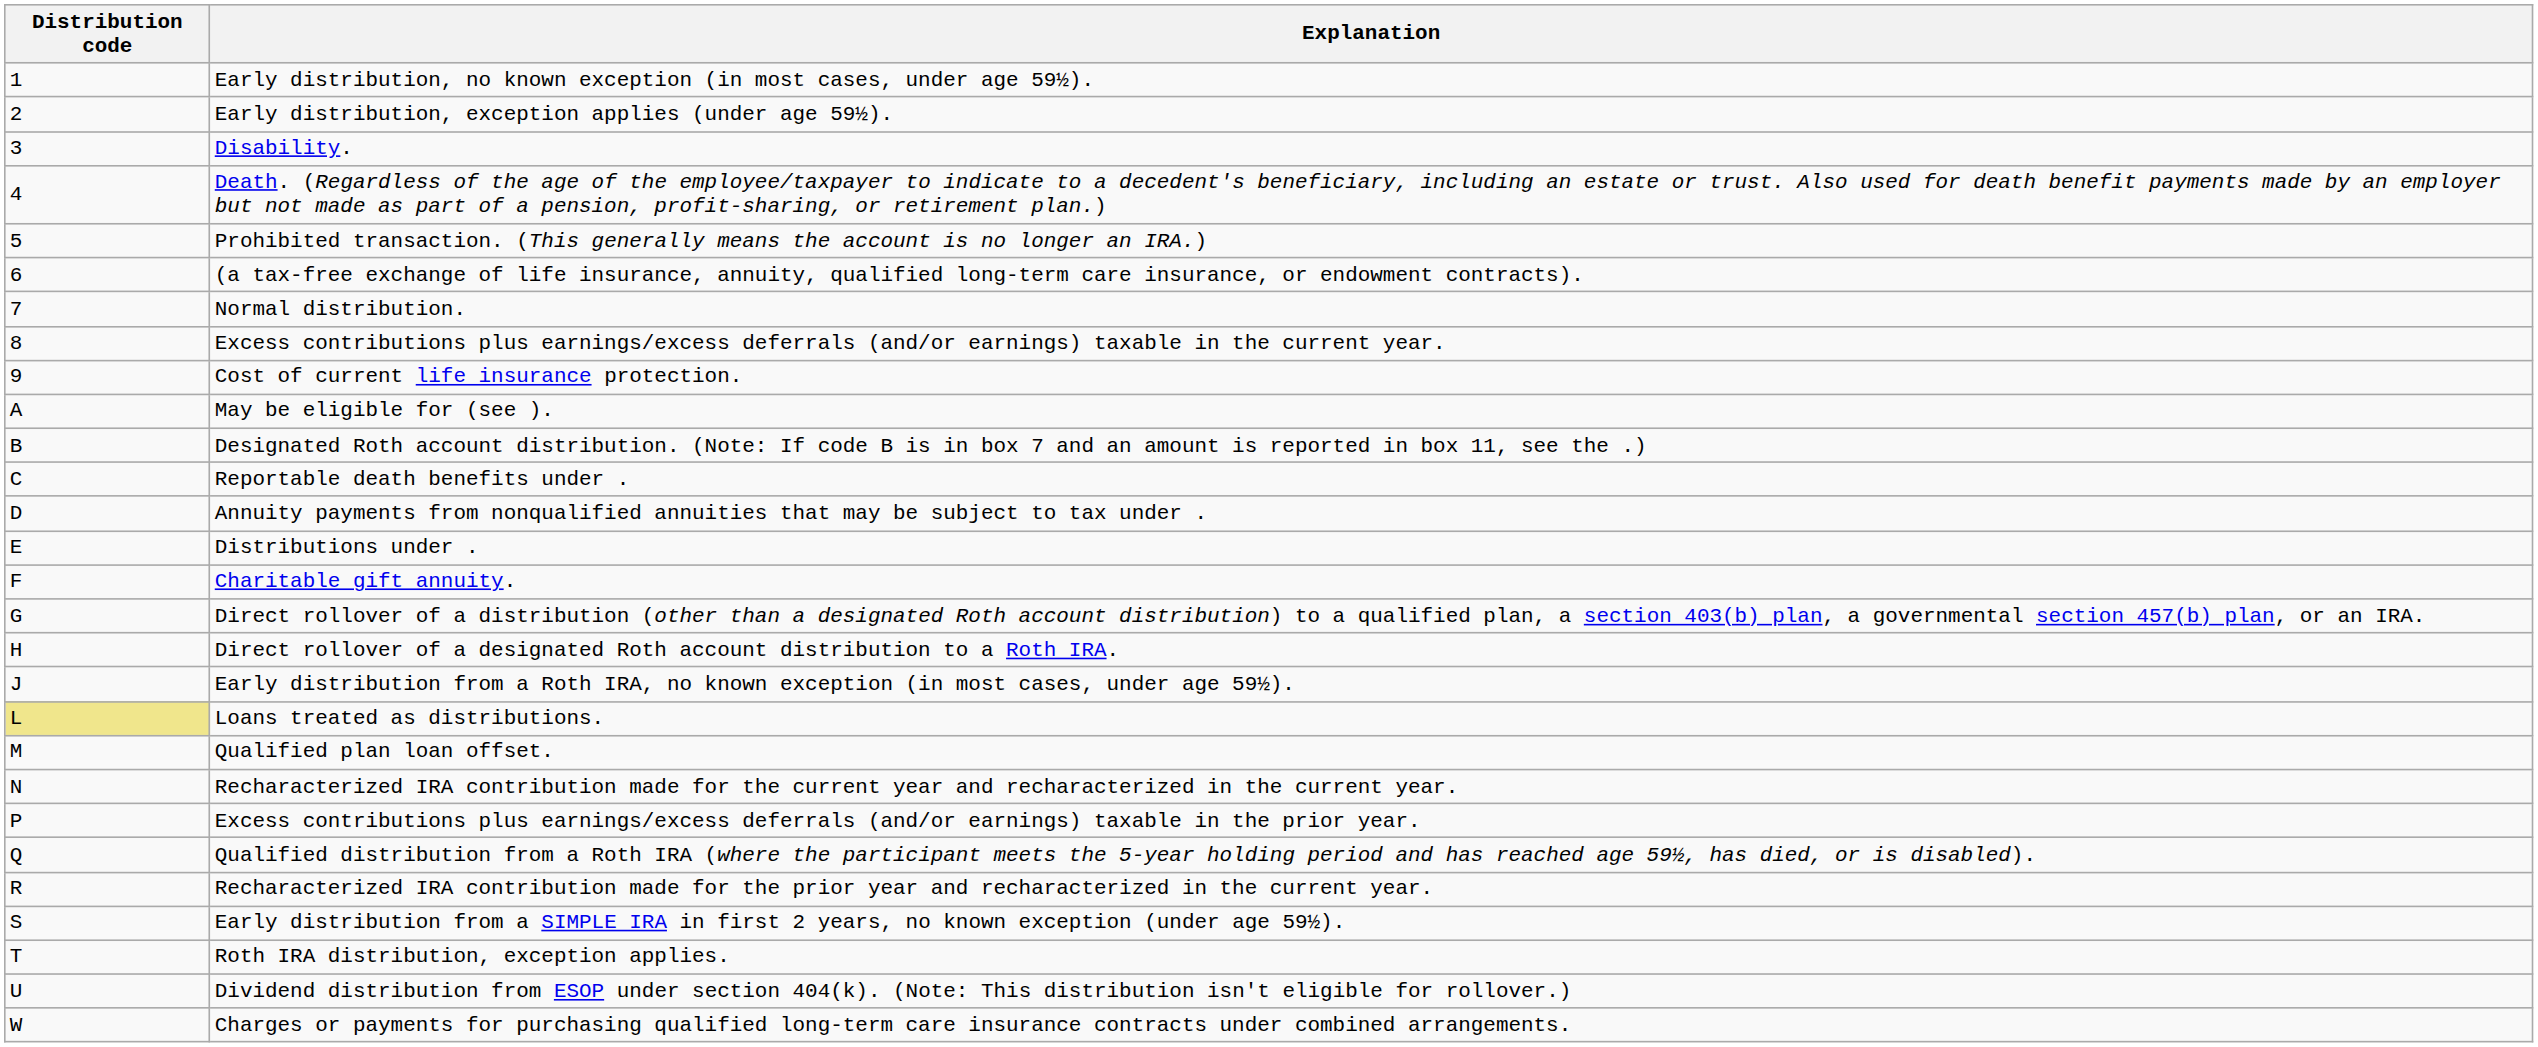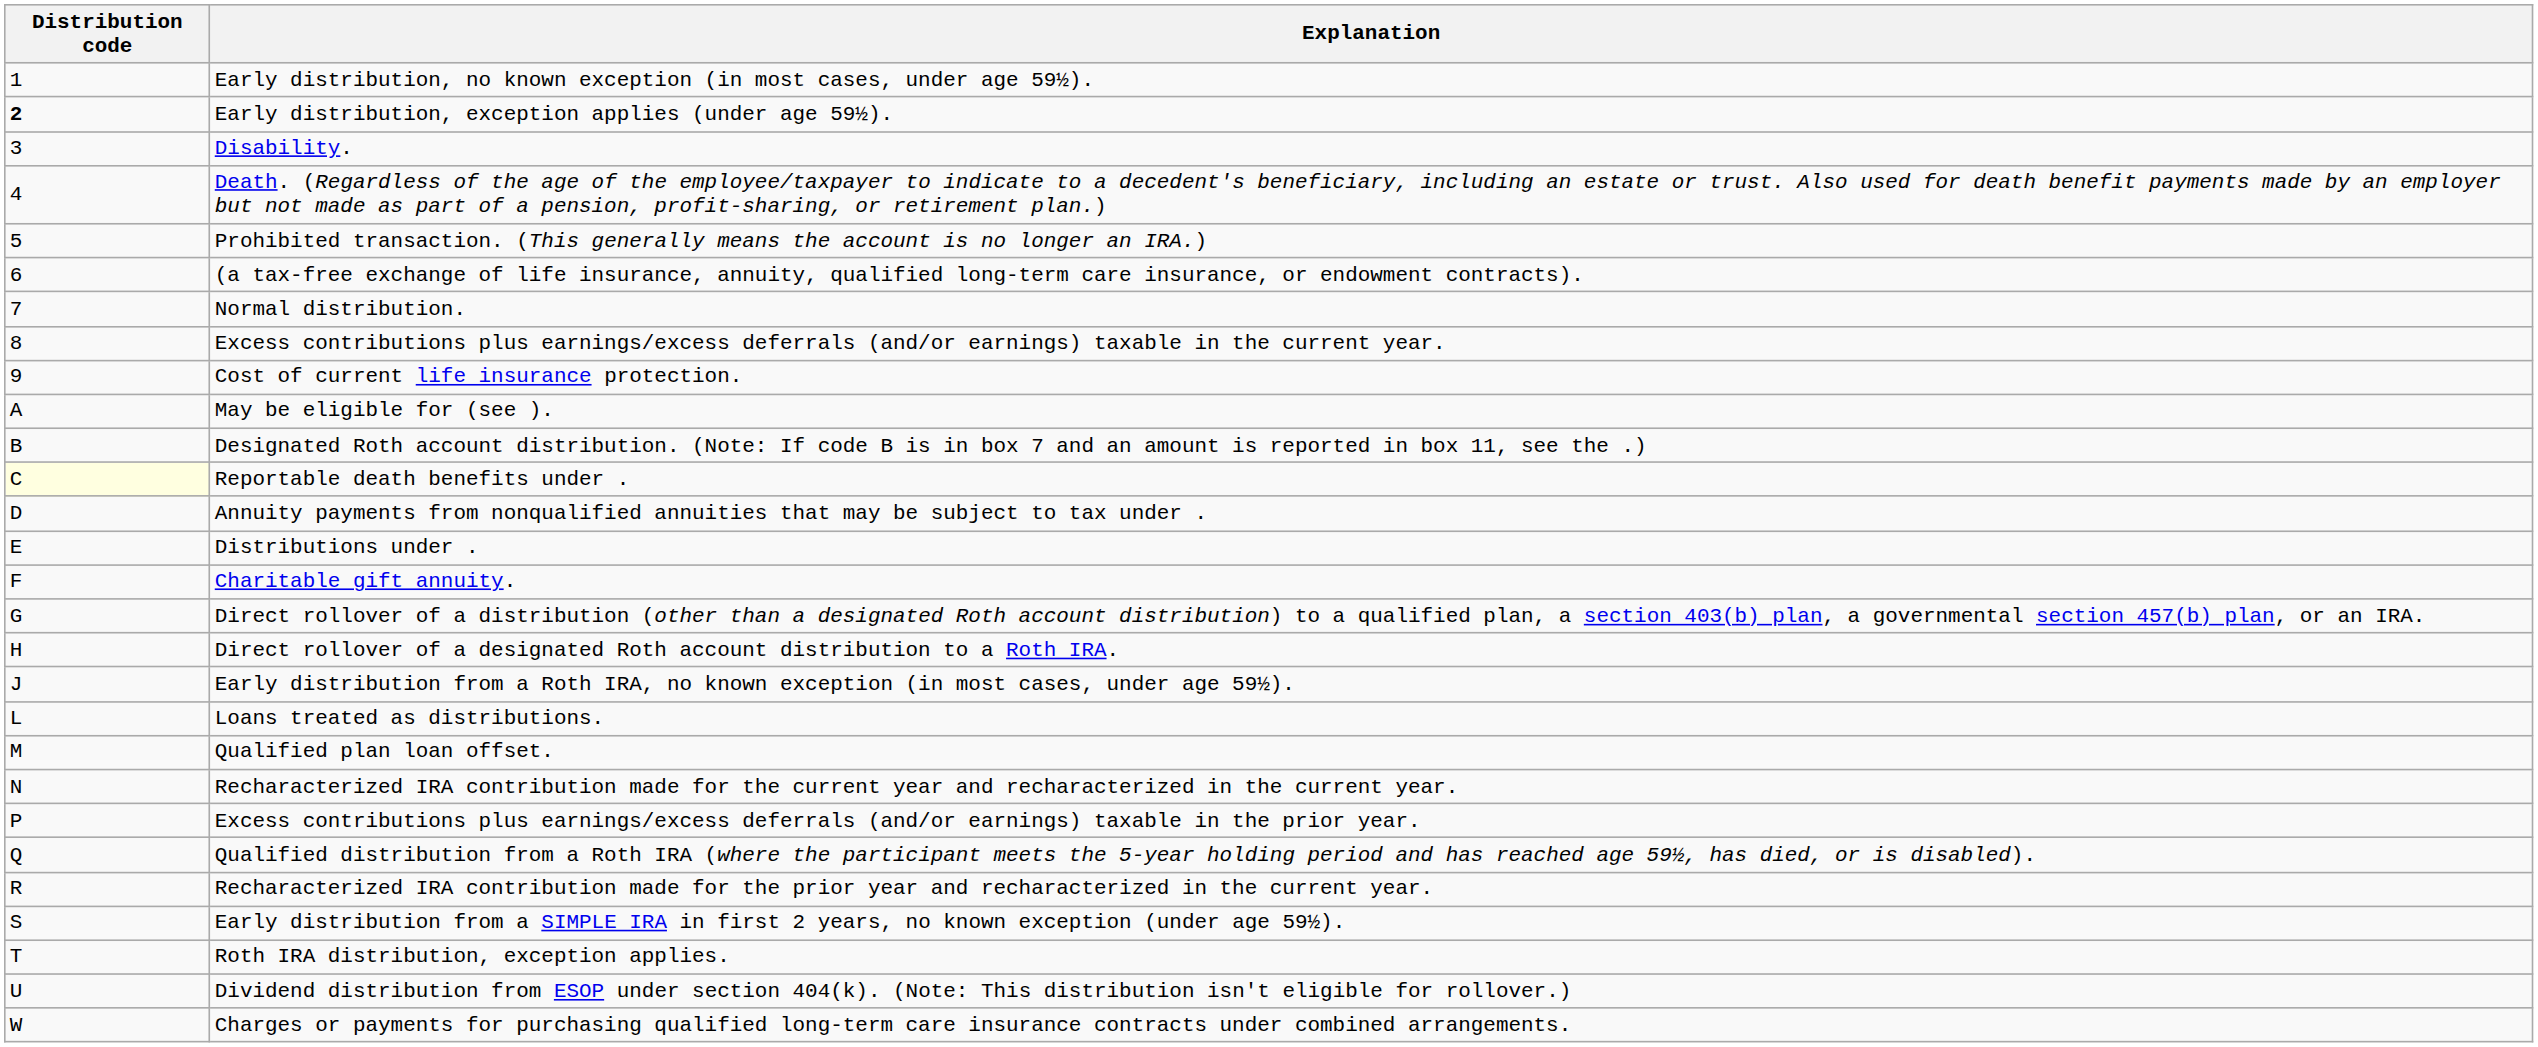 <table class="wikitable">
 <tr>
 <th>Distribution code</th>
 <th>Explanation</th>
 </tr>
 <tr>
 <td>1</td>
 <td>Early distribution, no known exception (in most cases, under age 59½).</td>
 </tr>
 <tr>
-<td>2</td>
+<td><strong>2</strong></td>
 <td>Early distribution, exception applies (under age 59½).</td>
 </tr>
 <tr>
 <td>3</td>
 <td><a href='#'>Disability</a>.</td>
 </tr>
 <tr>
 <td>4</td>
 <td><a href='#'>Death</a>. (<em>Regardless of the age of the employee/taxpayer to indicate to a decedent's beneficiary, including an estate or trust. Also used for death benefit payments made by an employer but not made as part of a pension, profit-sharing, or retirement plan.</em>)</td>
 </tr>
 <tr>
 <td>5</td>
 <td>Prohibited transaction. (<em>This generally means the account is no longer an IRA.</em>)</td>
 </tr>
 <tr>
 <td>6</td>
 <td> (a tax-free exchange of life insurance, annuity, qualified long-term care insurance, or endowment contracts).</td>
 </tr>
 <tr>
 <td>7</td>
 <td>Normal distribution.</td>
 </tr>
 <tr>
 <td>8</td>
 <td>Excess contributions plus earnings/excess deferrals (and/or earnings) taxable in the current year.</td>
 </tr>
 <tr>
 <td>9</td>
 <td>Cost of current <a href='#'>life insurance</a> protection.</td>
 </tr>
 <tr>
 <td>A</td>
 <td>May be eligible for  (see ).</td>
 </tr>
 <tr>
 <td>B</td>
 <td>Designated Roth account distribution. (Note: If code B is in box 7 and an amount is reported in box 11, see the .)</td>
 </tr>
 <tr>
-<td>C</td>
+<td style="background: lightyellow;">C</td>
 <td>Reportable death benefits under .</td>
 </tr>
 <tr>
 <td>D</td>
 <td>Annuity payments from nonqualified annuities that may be subject to tax under .</td>
 </tr>
 <tr>
 <td>E</td>
 <td>Distributions under .</td>
 </tr>
 <tr>
 <td>F</td>
 <td><a href='#'>Charitable gift annuity</a>.</td>
 </tr>
 <tr>
 <td>G</td>
 <td>Direct rollover of a distribution (<em>other than a designated Roth account distribution</em>) to a qualified plan, a <a href='#'>section 403(b) plan</a>, a governmental <a href='#'>section 457(b) plan</a>, or an IRA.</td>
 </tr>
 <tr>
 <td>H</td>
 <td>Direct rollover of a designated Roth account distribution to a <a href='#'>Roth IRA</a>.</td>
 </tr>
 <tr>
 <td>J</td>
 <td>Early distribution from a Roth IRA, no known exception (in most cases, under age 59½).</td>
 </tr>
 <tr>
-<td style="background: khaki;">L</td>
+<td>L</td>
 <td>Loans treated as distributions.</td>
 </tr>
 <tr>
 <td>M</td>
 <td>Qualified plan loan offset.</td>
 </tr>
 <tr>
 <td>N</td>
 <td>Recharacterized IRA contribution made for the current year and recharacterized in the current year.</td>
 </tr>
 <tr>
 <td>P</td>
 <td>Excess contributions plus earnings/excess deferrals (and/or earnings) taxable in the prior year.</td>
 </tr>
 <tr>
 <td>Q</td>
 <td>Qualified distribution from a Roth IRA (<em>where the participant meets the 5-year holding period and has reached age 59½, has died, or is disabled</em>).</td>
 </tr>
 <tr>
 <td>R</td>
 <td>Recharacterized IRA contribution made for the prior year and recharacterized in the current year.</td>
 </tr>
 <tr>
 <td>S</td>
 <td>Early distribution from a <a href='#'>SIMPLE IRA</a> in first 2 years, no known exception (under age 59½).</td>
 </tr>
 <tr>
 <td>T</td>
 <td>Roth IRA distribution, exception applies.</td>
 </tr>
 <tr>
 <td>U</td>
 <td>Dividend distribution from <a href='#'>ESOP</a> under section 404(k). (Note: This distribution isn't eligible for rollover.)</td>
 </tr>
 <tr>
 <td>W</td>
 <td>Charges or payments for purchasing qualified long-term care insurance contracts under combined arrangements.</td>
 </tr>
 </table>
